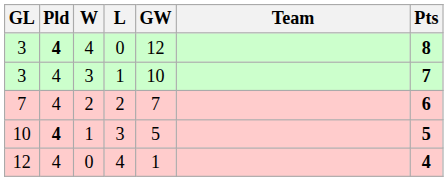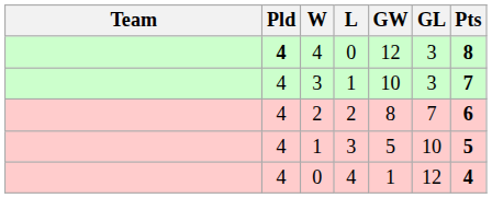 <table class="wikitable" style="text-align:center">
 <tr>
-<th width=20>GL</th>
+<th width=200>Team</th>
 <th width=20>Pld</th>
 <th width=20>W</th>
 <th width=20>L</th>
 <th width=20>GW</th>
-<th width=200>Team</th>
+<th width=20>GL</th>
 <th width=20>Pts</th>
 </tr>
 <tr bgcolor="ccffcc">
-<td>3</td>
+<td style="text-align:left;"></td>
 <td><strong>4</strong></td>
 <td>4</td>
 <td>0</td>
 <td>12</td>
-<td style="text-align:left;"></td>
+<td>3</td>
 <td><strong>8</strong></td>
 </tr>
 <tr bgcolor="ccffcc">
-<td>3</td>
+<td style="text-align:left;"></td>
 <td>4</td>
 <td>3</td>
 <td>1</td>
 <td>10</td>
-<td style="text-align:left;"></td>
+<td>3</td>
 <td><strong>7</strong></td>
 </tr>
 <tr bgcolor="ffcccc">
-<td>7</td>
+<td style="text-align:left;"></td>
 <td>4</td>
 <td>2</td>
 <td>2</td>
+<td>8</td>
 <td>7</td>
-<td style="text-align:left;"></td>
 <td><strong>6</strong></td>
 </tr>
 <tr bgcolor="ffcccc">
-<td>10</td>
-<td><strong>4</strong></td>
+<td style="text-align:left;"></td>
+<td>4</td>
 <td>1</td>
 <td>3</td>
 <td>5</td>
-<td style="text-align:left;"></td>
+<td>10</td>
 <td><strong>5</strong></td>
 </tr>
 <tr bgcolor="ffcccc">
-<td>12</td>
+<td style="text-align:left;"></td>
 <td>4</td>
 <td>0</td>
 <td>4</td>
 <td>1</td>
-<td style="text-align:left;"></td>
+<td>12</td>
 <td><strong>4</strong></td>
 </tr>
 </table>
